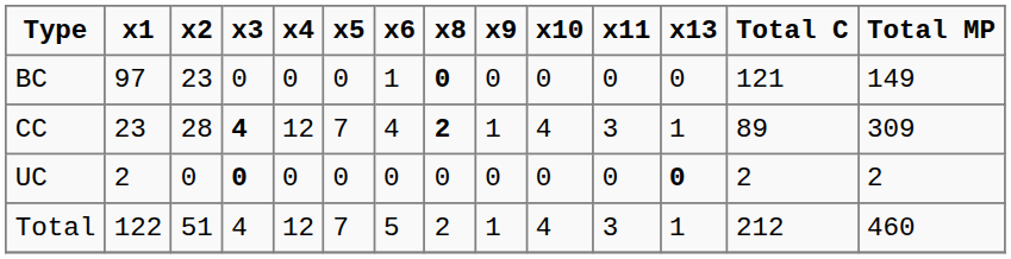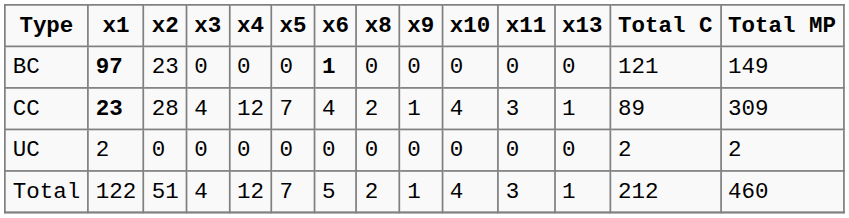 <table border="1" cellpadding="4" cellspacing="0" border=" 1px #aaa solid" style="margin: 1em 1em 1em 0; background: #f9f9f9; border-collapse: collapse">
 <tr>
 <th>Type</th>
 <th>x1</th>
 <th>x2</th>
 <th>x3</th>
 <th>x4</th>
 <th>x5</th>
 <th>x6</th>
 <th>x8</th>
 <th>x9</th>
 <th>x10</th>
 <th>x11</th>
 <th>x13</th>
 <th>Total C</th>
 <th>Total MP</th>
 </tr>
 <tr>
 <td>BC</td>
-<td>97</td>
+<td><strong>97</strong></td>
 <td>23</td>
 <td>0</td>
 <td>0</td>
 <td>0</td>
-<td>1</td>
-<td><strong>0</strong></td>
+<td><strong>1</strong></td>
+<td>0</td>
 <td>0</td>
 <td>0</td>
 <td>0</td>
 <td>0</td>
 <td>121</td>
 <td>149</td>
 </tr>
 <tr>
 <td>CC</td>
-<td>23</td>
+<td><strong>23</strong></td>
 <td>28</td>
-<td><strong>4</strong></td>
+<td>4</td>
 <td>12</td>
 <td>7</td>
 <td>4</td>
-<td><strong>2</strong></td>
+<td>2</td>
 <td>1</td>
 <td>4</td>
 <td>3</td>
 <td>1</td>
 <td>89</td>
 <td>309</td>
 </tr>
 <tr>
 <td>UC</td>
 <td>2</td>
 <td>0</td>
-<td><strong>0</strong></td>
 <td>0</td>
 <td>0</td>
 <td>0</td>
 <td>0</td>
 <td>0</td>
 <td>0</td>
 <td>0</td>
-<td><strong>0</strong></td>
+<td>0</td>
+<td>0</td>
 <td>2</td>
 <td>2</td>
 </tr>
 <tr>
 <td>Total</td>
 <td>122</td>
 <td>51</td>
 <td>4</td>
 <td>12</td>
 <td>7</td>
 <td>5</td>
 <td>2</td>
 <td>1</td>
 <td>4</td>
 <td>3</td>
 <td>1</td>
 <td>212</td>
 <td>460</td>
 </tr>
 <tr>
 </tr>
 </table>
